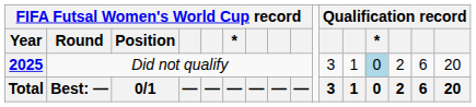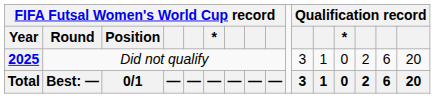 <table class="wikitable" style="text-align: center;">
 <tr>
 <th colspan="9"><a href='#'>FIFA Futsal Women's World Cup</a> record</th>
 <td rowspan=13></td>
 <th colspan=6>Qualification record</th>
 </tr>
 <tr>
 <th>Year</th>
 <th>Round</th>
 <th>Position</th>
 <th></th>
 <th></th>
 <th>*</th>
 <th></th>
 <th></th>
 <th></th>
 <th></th>
 <th></th>
 <th>*</th>
 <th></th>
 <th></th>
 <th></th>
 </tr>
 <tr>
 <th> <a href='#'>2025</a></th>
 <td colspan="8"><em>Did not qualify</em></td>
 <td>3</td>
 <td>1</td>
-<td style="background: lightblue;">0</td>
+<td>0</td>
 <td>2</td>
 <td>6</td>
 <td>20</td>
 </tr>
 <tr>
 <th>Total</th>
 <th>Best: —</th>
 <th>0/1</th>
 <th>—</th>
 <th>—</th>
 <th>—</th>
 <th>—</th>
 <th>—</th>
 <th>—</th>
 <th>3</th>
 <th>1</th>
 <th>0</th>
 <th>2</th>
 <th>6</th>
 <th>20</th>
 </tr>
 </table>
